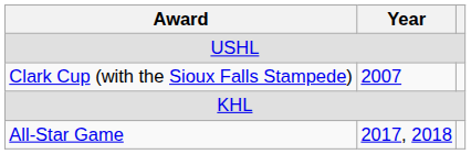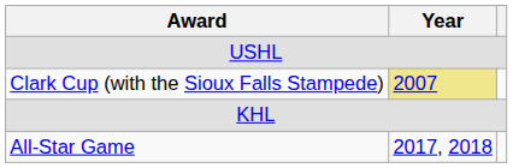 <table class="wikitable">
 <tr>
 <th>Award</th>
 <th>Year</th>
 <th></th>
 </tr>
 <tr ALIGN="center" bgcolor="#e0e0e0">
 <td colspan="3"><a href='#'>USHL</a></td>
 </tr>
 <tr>
 <td><a href='#'>Clark Cup</a> (with the <a href='#'>Sioux Falls Stampede</a>)</td>
-<td><a href='#'>2007</a></td>
+<td style="background: khaki;"><a href='#'>2007</a></td>
 <td></td>
 </tr>
 <tr ALIGN="center" bgcolor="#e0e0e0">
 <td colspan="3"><a href='#'>KHL</a></td>
 </tr>
 <tr>
 <td><a href='#'>All-Star Game</a></td>
 <td><a href='#'>2017</a>, <a href='#'>2018</a></td>
 <td></td>
 </tr>
 </table>
